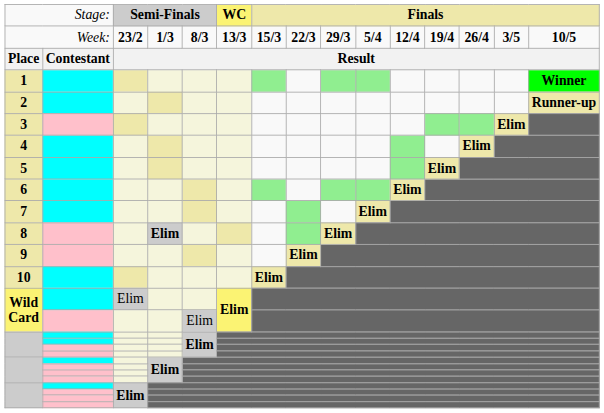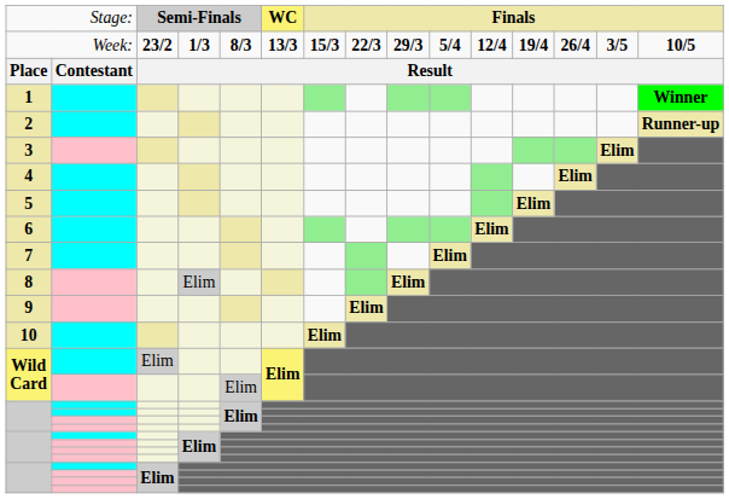 <table class="wikitable" style="margin:1em auto;">
 <tr>
 <td colspan="2" align="right"><em>Stage:</em></td>
 <td colspan="3" bgcolor="CCCCCC" align="Center"><strong>Semi-Finals</strong></td>
 <td colspan="1" bgcolor="#FBF373" align="center"><strong>WC</strong></td>
 <td colspan="9" bgcolor="palegoldenrod" align="Center"><strong>Finals</strong></td>
 </tr>
 <tr>
 <td colspan="2" align="right"><em>Week:</em></td>
 <td align="center"><strong>23/2</strong></td>
 <td align="center"><strong>1/3</strong></td>
 <td align="center"><strong>8/3</strong></td>
 <td align="center"><strong>13/3</strong></td>
 <td align="center"><strong>15/3</strong></td>
 <td align="center"><strong>22/3</strong></td>
 <td align="center"><strong>29/3</strong></td>
 <td align="center"><strong>5/4</strong></td>
 <td align="center"><strong>12/4</strong></td>
 <td align="center"><strong>19/4</strong></td>
 <td align="center"><strong>26/4</strong></td>
 <td align="center"><strong>3/5</strong></td>
 <td align="center"><strong>10/5</strong></td>
 </tr>
 <tr>
 <th>Place</th>
 <th>Contestant</th>
 <th colspan="13" align="center">Result</th>
 </tr>
 <tr>
 <td align="center" bgcolor="palegoldenrod"><strong>1</strong></td>
 <td bgcolor="cyan"></td>
 <td bgcolor="palegoldenrod" align="center"></td>
 <td bgcolor="F5F5DC"></td>
 <td bgcolor="F5F5DC"></td>
 <td bgcolor="F5F5DC"></td>
 <td bgcolor="lightgreen" align="center"></td>
 <td></td>
 <td bgcolor="lightgreen" align="center"></td>
 <td bgcolor="lightgreen" align="center"></td>
 <td></td>
 <td></td>
 <td></td>
 <td></td>
 <td align="center" bgcolor=lime><strong>Winner</strong></td>
 </tr>
 <tr>
 <td align="center" bgcolor="palegoldenrod"><strong>2</strong></td>
 <td bgcolor="cyan"></td>
 <td bgcolor="F5F5DC"></td>
 <td bgcolor="palegoldenrod" align="center"></td>
 <td bgcolor="F5F5DC"></td>
 <td bgcolor="F5F5DC"></td>
 <td></td>
 <td></td>
 <td></td>
 <td></td>
 <td></td>
 <td></td>
 <td></td>
 <td></td>
 <td align="center" bgcolor="palegoldenrod"><strong>Runner-up</strong></td>
 </tr>
 <tr>
 <td align="center" bgcolor="palegoldenrod"><strong>3</strong></td>
 <td bgcolor="pink"></td>
 <td bgcolor="palegoldenrod" align="center"></td>
 <td bgcolor="F5F5DC"></td>
 <td bgcolor="F5F5DC"></td>
 <td bgcolor="F5F5DC"></td>
 <td></td>
 <td></td>
 <td></td>
 <td></td>
 <td></td>
 <td bgcolor="lightgreen" align="center"></td>
 <td bgcolor="lightgreen" align="center"></td>
 <td bgcolor="palegoldenrod"><strong>Elim</strong></td>
 <td bgcolor="666666" colspan="3"></td>
 </tr>
 <tr>
 <td align="center" bgcolor="palegoldenrod"><strong>4</strong></td>
 <td bgcolor="cyan"></td>
 <td bgcolor="F5F5DC"></td>
 <td bgcolor="palegoldenrod" align="center"></td>
 <td bgcolor="F5F5DC"></td>
 <td bgcolor="F5F5DC"></td>
 <td></td>
 <td></td>
 <td></td>
 <td></td>
 <td bgcolor="lightgreen" align="center"></td>
 <td></td>
 <td bgcolor="palegoldenrod"><strong>Elim</strong></td>
 <td bgcolor="666666" colspan="4"></td>
 </tr>
 <tr>
 <td align="center" bgcolor="palegoldenrod"><strong>5</strong></td>
 <td bgcolor="cyan"></td>
 <td bgcolor="F5F5DC"></td>
 <td bgcolor="palegoldenrod" align="center"></td>
 <td bgcolor="F5F5DC"></td>
 <td bgcolor="F5F5DC"></td>
 <td></td>
 <td></td>
 <td></td>
 <td></td>
 <td bgcolor="lightgreen" align="center"></td>
 <td bgcolor="palegoldenrod"><strong>Elim</strong></td>
 <td bgcolor="666666" colspan="5"></td>
 </tr>
 <tr>
 <td align="center" bgcolor="palegoldenrod"><strong>6</strong></td>
 <td bgcolor="cyan"></td>
 <td bgcolor="F5F5DC"></td>
 <td bgcolor="F5F5DC"></td>
 <td bgcolor="palegoldenrod" align="center"></td>
 <td bgcolor="F5F5DC"></td>
 <td bgcolor="lightgreen" align="center"></td>
 <td></td>
 <td bgcolor="lightgreen" align="center"></td>
 <td bgcolor="lightgreen" align="center"></td>
 <td bgcolor="palegoldenrod"><strong>Elim</strong></td>
 <td bgcolor="666666" colspan="6"></td>
 </tr>
 <tr>
 <td align="center" bgcolor="palegoldenrod"><strong>7</strong></td>
 <td bgcolor="cyan"></td>
 <td bgcolor="F5F5DC"></td>
 <td bgcolor="F5F5DC"></td>
 <td bgcolor="palegoldenrod" align="center"></td>
 <td bgcolor="F5F5DC"></td>
 <td></td>
 <td bgcolor="lightgreen" align="center"></td>
 <td></td>
 <td bgcolor="palegoldenrod"><strong>Elim</strong></td>
 <td bgcolor="666666" colspan="7"></td>
 </tr>
 <tr>
 <td align="center" bgcolor="palegoldenrod"><strong>8</strong></td>
 <td bgcolor="pink"></td>
 <td bgcolor="F5F5DC"></td>
-<td bgcolor="#CCCCCC" align="center"><strong>Elim</strong></td>
+<td bgcolor="#CCCCCC" align="center">Elim</td>
 <td bgcolor="F5F5DC"></td>
 <td bgcolor="palegoldenrod" align="center"></td>
 <td></td>
 <td bgcolor="lightgreen" align="center"></td>
 <td bgcolor="palegoldenrod"><strong>Elim</strong></td>
 <td bgcolor="666666" colspan="8"></td>
 </tr>
 <tr>
 <td align="center" bgcolor="palegoldenrod"><strong>9</strong></td>
 <td bgcolor="pink"></td>
 <td bgcolor="F5F5DC"></td>
 <td bgcolor="F5F5DC"></td>
 <td bgcolor="palegoldenrod" align="center"></td>
 <td bgcolor="F5F5DC"></td>
 <td></td>
 <td bgcolor="palegoldenrod"><strong>Elim</strong></td>
 <td bgcolor="666666" colspan="9"></td>
 </tr>
 <tr>
 <td align="center" bgcolor="palegoldenrod"><strong>10</strong></td>
 <td bgcolor="cyan"></td>
 <td bgcolor="palegoldenrod" align="center"></td>
 <td bgcolor="F5F5DC"></td>
 <td bgcolor="F5F5DC"></td>
 <td bgcolor="F5F5DC"></td>
 <td bgcolor="palegoldenrod"><strong>Elim</strong></td>
 <td bgcolor="666666" colspan="10"></td>
 </tr>
 <tr>
 <td bgcolor="#FBF373" align="center" rowspan="2"><strong>Wild<br>Card</strong></td>
 <td bgcolor="cyan"></td>
 <td bgcolor="#CCCCCC" align="center">Elim</td>
 <td bgcolor="F5F5DC"></td>
 <td bgcolor="F5F5DC"></td>
 <td bgcolor="#FBF373" align="center" rowspan="2"><strong>Elim</strong></td>
 <td bgcolor="666666" colspan="11"></td>
 </tr>
 <tr>
 <td bgcolor="pink"></td>
 <td bgcolor="F5F5DC"></td>
 <td bgcolor="F5F5DC"></td>
 <td bgcolor="#CCCCCC" align="center">Elim</td>
 <td bgcolor="666666" colspan="11"></td>
 </tr>
 <tr>
 <td bgcolor="#CCCCCC" align="center" rowspan="4"></td>
 <td bgcolor="cyan"></td>
 <td bgcolor="F5F5DC"></td>
 <td bgcolor="F5F5DC"></td>
 <td bgcolor="#CCCCCC" align="center" rowspan="4"><strong>Elim</strong></td>
 <td bgcolor="#666666" colspan="12"></td>
 </tr>
 <tr>
 <td bgcolor="cyan"></td>
 <td bgcolor="F5F5DC"></td>
 <td bgcolor="F5F5DC"></td>
 <td bgcolor="#666666" colspan="12"></td>
 </tr>
 <tr>
 <td bgcolor="pink"></td>
 <td bgcolor="F5F5DC"></td>
 <td bgcolor="F5F5DC"></td>
 <td bgcolor="#666666" colspan="12"></td>
 </tr>
 <tr>
 <td bgcolor="pink"></td>
 <td bgcolor="F5F5DC"></td>
 <td bgcolor="F5F5DC"></td>
 <td bgcolor="#666666" colspan="12"></td>
 </tr>
 <tr>
 <td bgcolor="#CCCCCC" align="center" rowspan="4"></td>
 <td bgcolor="cyan"></td>
 <td bgcolor="F5F5DC"></td>
 <td bgcolor="#CCCCCC" align="center" rowspan="4"><strong>Elim</strong></td>
 <td bgcolor="#666666" colspan="13"></td>
 </tr>
 <tr>
 <td bgcolor="pink"></td>
 <td bgcolor="F5F5DC"></td>
 <td bgcolor="#666666" colspan="13"></td>
 </tr>
 <tr>
 <td bgcolor="pink"></td>
 <td bgcolor="F5F5DC"></td>
 <td bgcolor="#666666" colspan="13"></td>
 </tr>
 <tr>
 <td bgcolor="pink"></td>
 <td bgcolor="F5F5DC"></td>
 <td bgcolor="#666666" colspan="13"></td>
 </tr>
 <tr>
 <td bgcolor="#CCCCCC" align="center" rowspan="4"></td>
 <td bgcolor="cyan"></td>
 <td bgcolor="#CCCCCC" align="center" rowspan="4"><strong>Elim</strong></td>
 <td bgcolor="#666666" colspan="14"></td>
 </tr>
 <tr>
 <td bgcolor="pink"></td>
 <td bgcolor="#666666" colspan="14"></td>
 </tr>
 <tr>
 <td bgcolor="pink"></td>
 <td bgcolor="#666666" colspan="14"></td>
 </tr>
 <tr>
 <td bgcolor="pink"></td>
 <td bgcolor="#666666" colspan="14"></td>
 </tr>
 </table>
